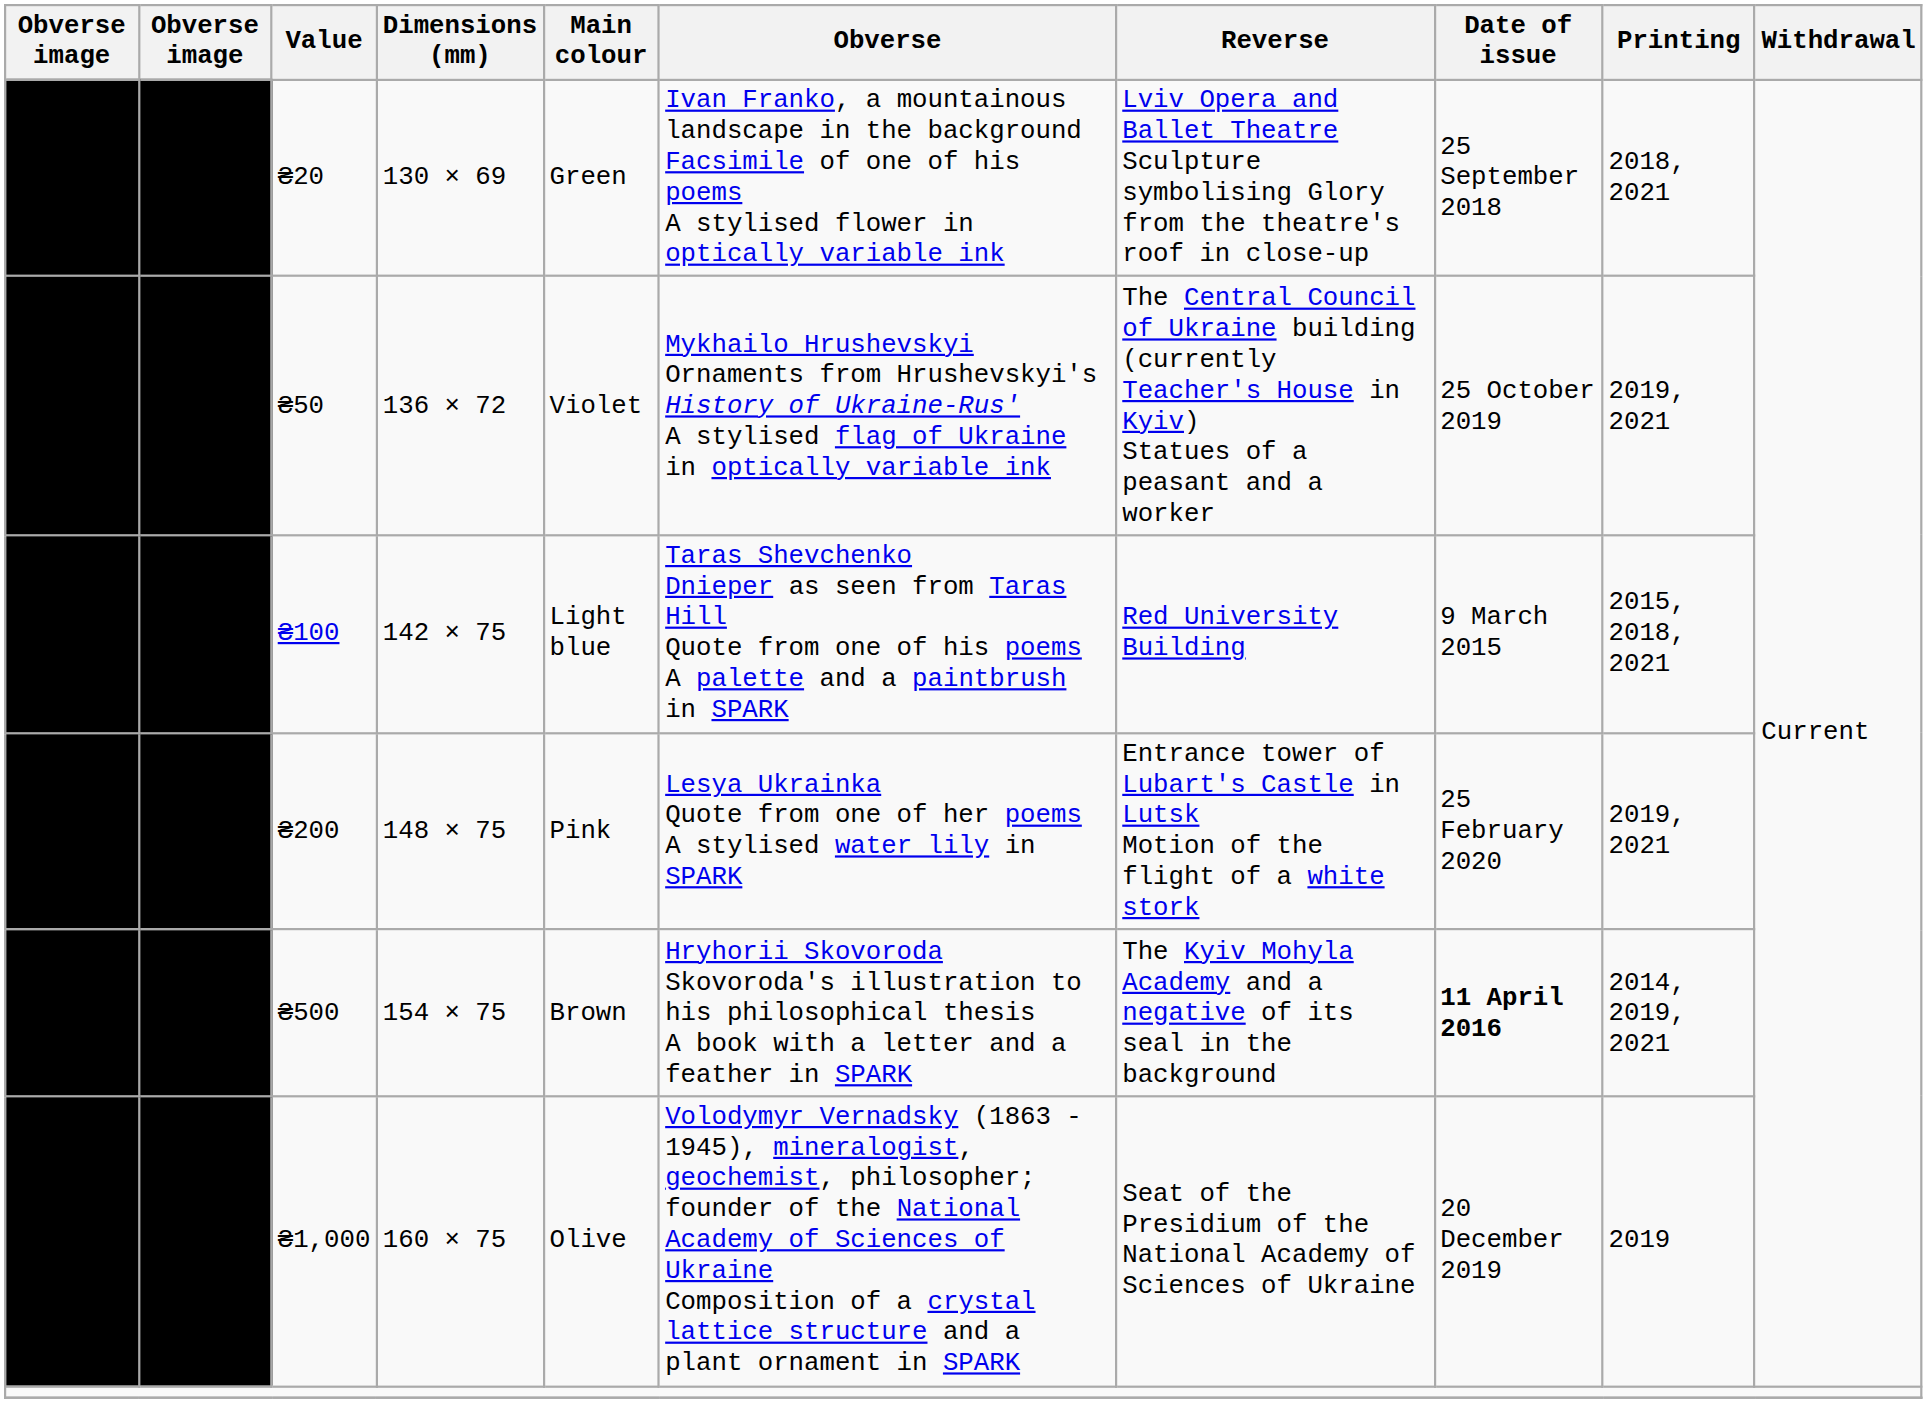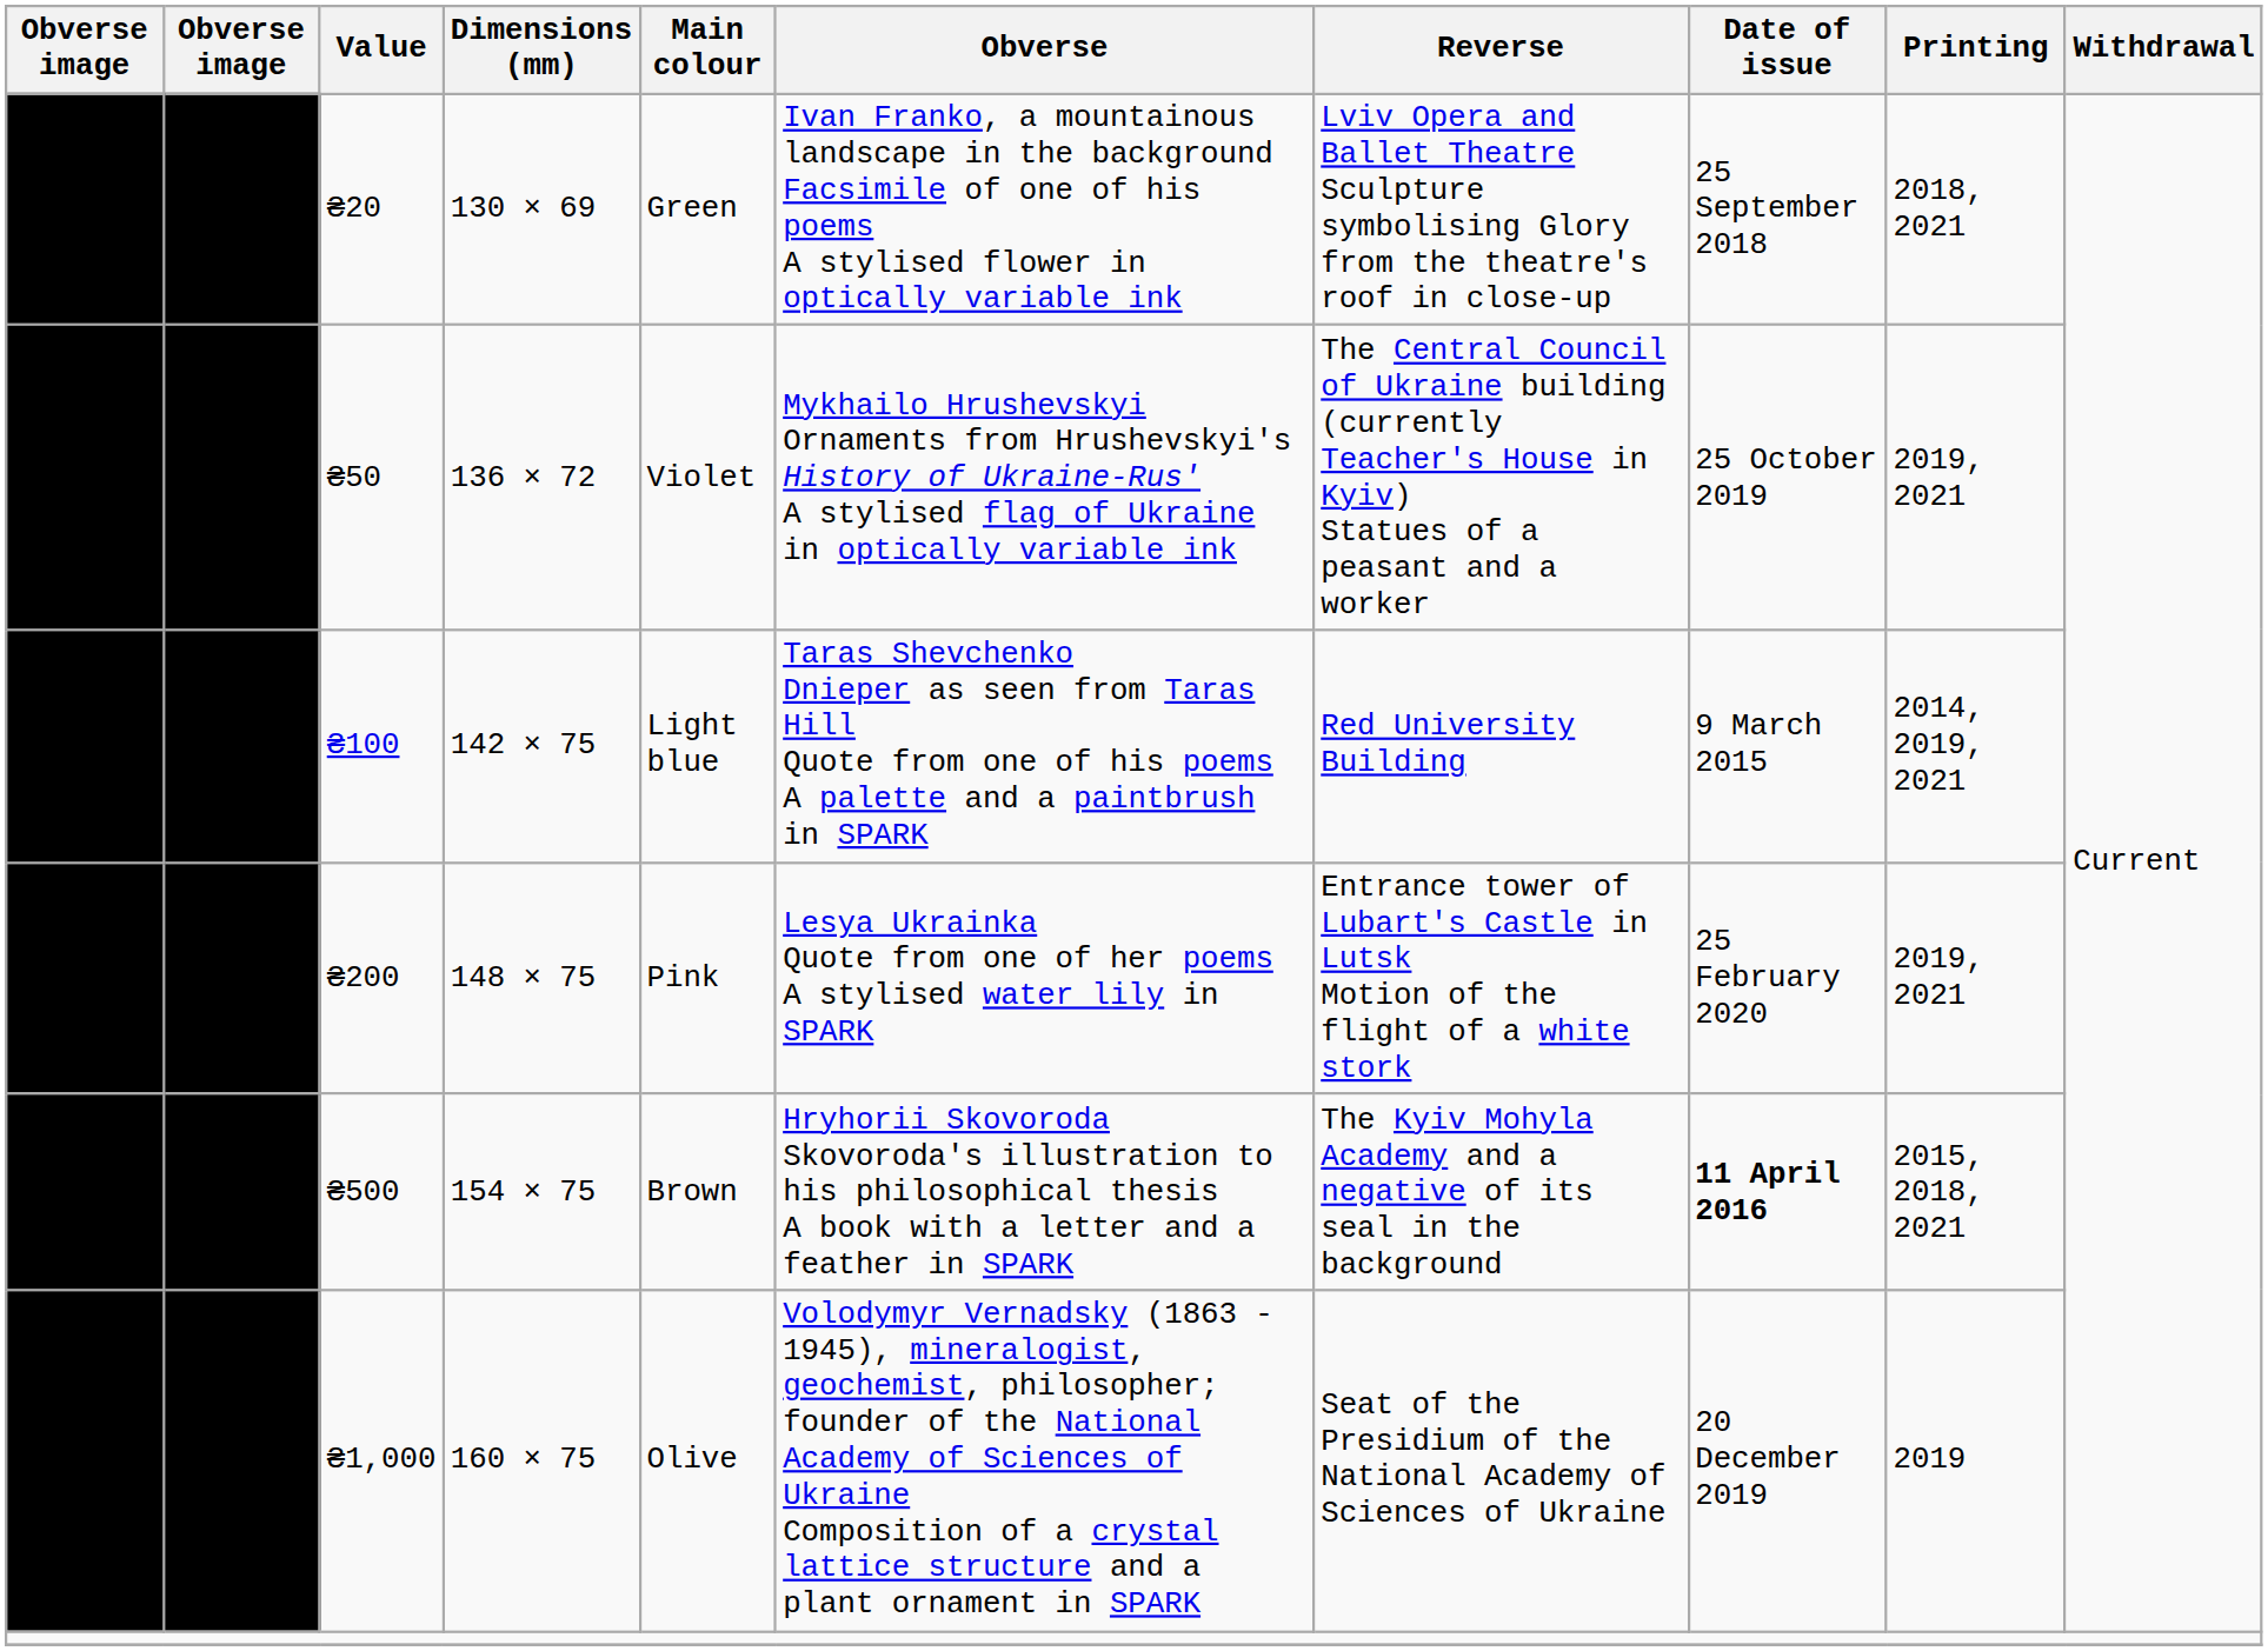 <table class="wikitable sortable" style="font-size: 90%">
 <tr>
 <th>Obverse image</th>
 <th>Obverse image</th>
 <th>Value</th>
 <th>Dimensions<br>(mm)</th>
 <th>Main colour</th>
 <th>Obverse</th>
 <th>Reverse</th>
 <th>Date of issue</th>
 <th>Printing</th>
 <th>Withdrawal</th>
 </tr>
 <tr>
 <td align="center" bgcolor="#000000"></td>
 <td align="center" bgcolor="#000000"></td>
 <td>₴20</td>
 <td>130 × 69</td>
 <td>Green</td>
 <td><a href='#'>Ivan Franko</a>, a mountainous landscape in the background<br><a href='#'>Facsimile</a> of one of his <a href='#'>poems</a><br>A stylised flower in <a href='#'>optically variable ink</a></td>
 <td><a href='#'>Lviv Opera and Ballet Theatre</a><br>Sculpture symbolising Glory from the theatre's roof in close-up</td>
 <td>25 September 2018</td>
 <td>2018, 2021</td>
 <td rowspan="6">Current</td>
 </tr>
 <tr>
 <td align="center" bgcolor="#000000"></td>
 <td align="center" bgcolor="#000000"></td>
 <td>₴50</td>
 <td>136 × 72</td>
 <td>Violet</td>
 <td><a href='#'>Mykhailo Hrushevskyi</a><br>Ornaments from Hrushevskyi's <em><a href='#'>History of Ukraine-Rus'</a></em><br>A stylised <a href='#'>flag of Ukraine</a> in <a href='#'>optically variable ink</a></td>
 <td>The <a href='#'>Central Council of Ukraine</a> building (currently <a href='#'>Teacher's House</a> in <a href='#'>Kyiv</a>)<br>Statues of a peasant and a worker</td>
 <td>25 October 2019</td>
 <td>2019, 2021</td>
 </tr>
 <tr>
 <td align="center" bgcolor="#000000"></td>
 <td align="center" bgcolor="#000000"></td>
 <td><a href='#'>₴100</a></td>
 <td>142 × 75</td>
 <td>Light blue</td>
 <td><a href='#'>Taras Shevchenko</a><br><a href='#'>Dnieper</a> as seen from <a href='#'>Taras Hill</a><br>Quote from one of his <a href='#'>poems</a><br>A <a href='#'>palette</a> and a <a href='#'>paintbrush</a> in <a href='#'>SPARK</a></td>
 <td><a href='#'>Red University Building</a></td>
 <td>9 March 2015</td>
-<td>2015, 2018, 2021</td>
+<td>2014, 2019, 2021</td>
 </tr>
 <tr>
 <td align="center" bgcolor="#000000"></td>
 <td align="center" bgcolor="#000000"></td>
 <td>₴200</td>
 <td>148 × 75</td>
 <td>Pink</td>
 <td><a href='#'>Lesya Ukrainka</a><br>Quote from one of her <a href='#'>poems</a><br>A stylised <a href='#'>water lily</a> in <a href='#'>SPARK</a></td>
 <td>Entrance tower of <a href='#'>Lubart's Castle</a> in <a href='#'>Lutsk</a><br>Motion of the flight of a <a href='#'>white stork</a></td>
 <td>25 February 2020</td>
 <td>2019, 2021</td>
 </tr>
 <tr>
 <td align="center" bgcolor="#000000"></td>
 <td align="center" bgcolor="#000000"></td>
 <td>₴500</td>
 <td>154 × 75</td>
 <td>Brown</td>
 <td><a href='#'>Hryhorii Skovoroda</a><br>Skovoroda's illustration to his philosophical thesis<br>A book with a letter and a feather in <a href='#'>SPARK</a></td>
 <td>The <a href='#'>Kyiv Mohyla Academy</a>  and a <a href='#'>negative</a> of its seal in the background</td>
 <td><strong>11 April 2016</strong></td>
-<td>2014, 2019, 2021</td>
+<td>2015, 2018, 2021</td>
 </tr>
 <tr>
 <td align="center" bgcolor="#000000"></td>
 <td align="center" bgcolor="#000000"></td>
 <td>₴1,000</td>
 <td>160 × 75</td>
 <td>Olive</td>
 <td><a href='#'>Volodymyr Vernadsky</a> (1863 - 1945), <a href='#'>mineralogist</a>, <a href='#'>geochemist</a>, philosopher; founder of the <a href='#'>National Academy of Sciences of Ukraine</a><br>Composition of a <a href='#'>crystal lattice structure</a> and a plant ornament in <a href='#'>SPARK</a></td>
 <td>Seat of the Presidium of the National Academy of Sciences of Ukraine</td>
 <td>20 December 2019</td>
 <td>2019</td>
 </tr>
 <tr>
 <td colspan="10"></td>
 </tr>
 <tr>
 </tr>
 </table>
